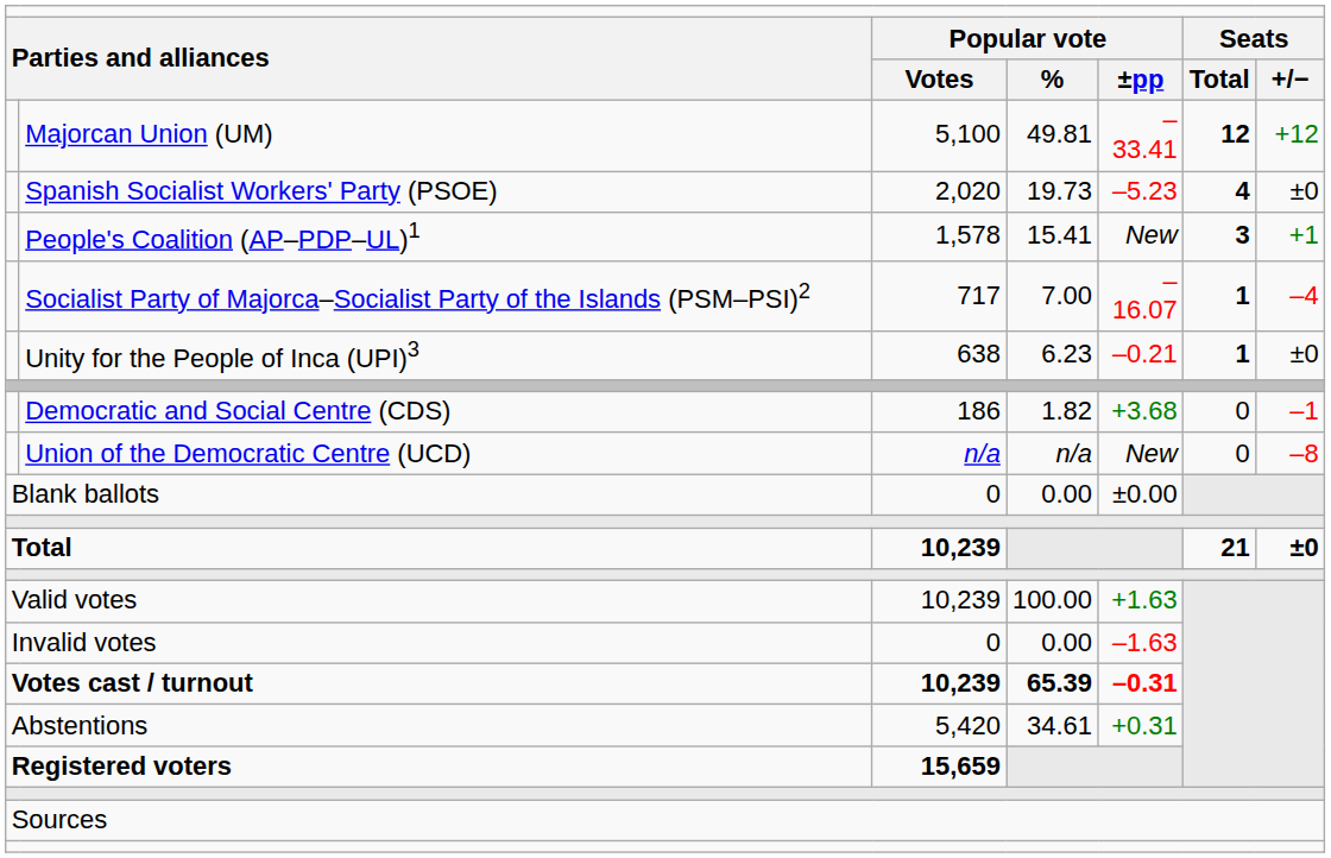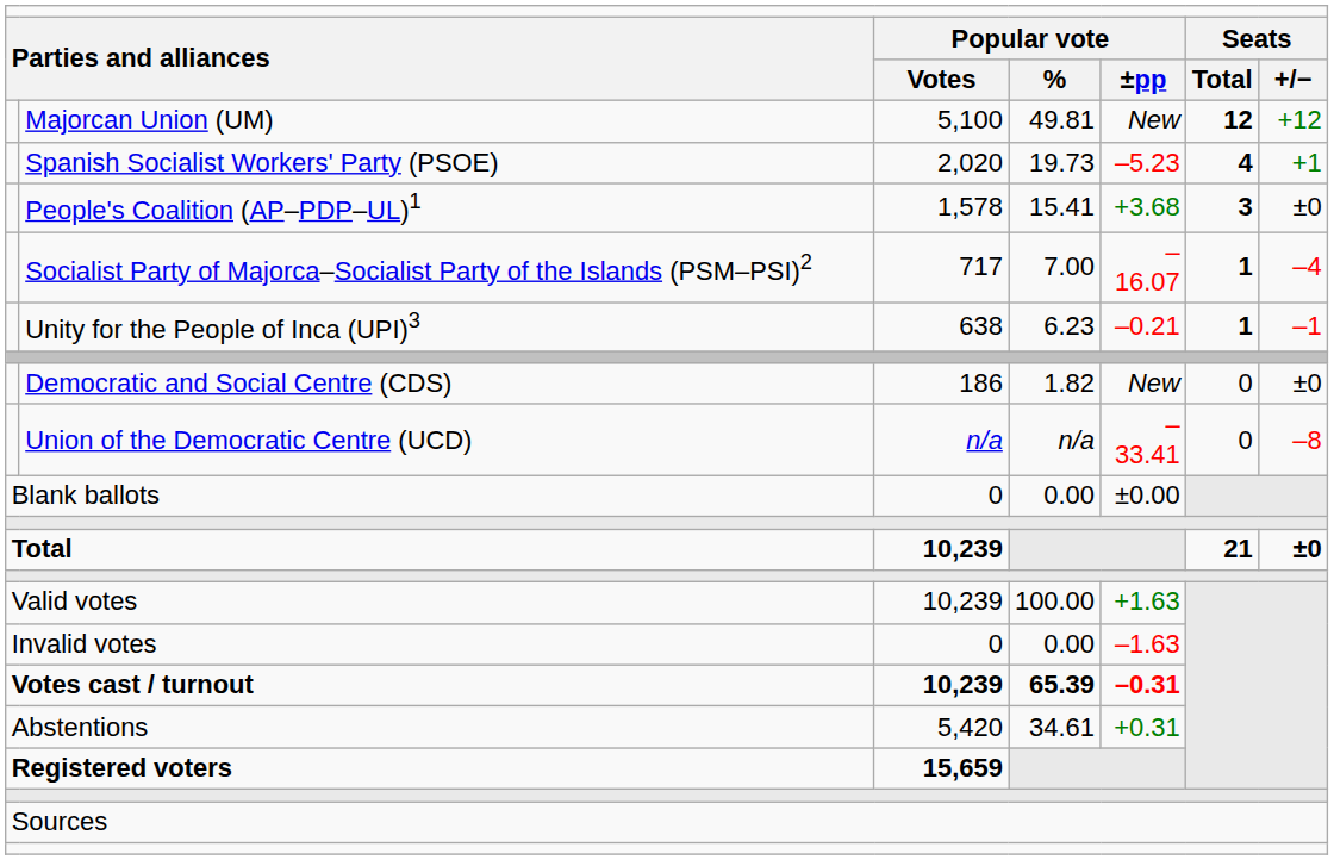 <table class="wikitable" style="text-align:right;">
 <tr>
 <td colspan="7"></td>
 </tr>
 <tr>
 <th style="text-align:left;" rowspan="2" colspan="2" width="525">Parties and alliances</th>
 <th colspan="3">Popular vote</th>
 <th colspan="2">Seats</th>
 </tr>
 <tr>
 <th width="75">Votes</th>
 <th width="45">%</th>
 <th width="45">±<a href='#'>pp</a></th>
 <th width="35">Total</th>
 <th width="35">+/−</th>
 </tr>
 <tr>
 <td width="1" style="color:inherit;background:"></td>
 <td align="left"><a href='#'>Majorcan Union</a> (UM)</td>
 <td>5,100</td>
 <td>49.81</td>
-<td style="color:red;">–33.41</td>
+<td><em>New</em></td>
 <td><strong>12</strong></td>
 <td style="color:green;">+12</td>
 </tr>
 <tr>
 <td style="color:inherit;background:"></td>
 <td align="left"><a href='#'>Spanish Socialist Workers' Party</a> (PSOE)</td>
 <td>2,020</td>
 <td>19.73</td>
 <td style="color:red;">–5.23</td>
 <td><strong>4</strong></td>
-<td>±0</td>
+<td style="color:green;">+1</td>
 </tr>
 <tr>
 <td style="color:inherit;background:"></td>
 <td align="left"><a href='#'>People's Coalition</a> (<a href='#'>AP</a>–<a href='#'>PDP</a>–<a href='#'>UL</a>)<sup>1</sup></td>
 <td>1,578</td>
 <td>15.41</td>
-<td><em>New</em></td>
+<td style="color:green;">+3.68</td>
 <td><strong>3</strong></td>
-<td style="color:green;">+1</td>
+<td>±0</td>
 </tr>
 <tr>
 <td style="color:inherit;background:"></td>
 <td align="left"><a href='#'>Socialist Party of Majorca</a>–<a href='#'>Socialist Party of the Islands</a> (PSM–PSI)<sup>2</sup></td>
 <td>717</td>
 <td>7.00</td>
 <td style="color:red;">–16.07</td>
 <td><strong>1</strong></td>
 <td style="color:red;">–4</td>
 </tr>
 <tr>
 <td style="color:inherit;background:"></td>
 <td align="left">Unity for the People of Inca (UPI)<sup>3</sup></td>
 <td>638</td>
 <td>6.23</td>
 <td style="color:red;">–0.21</td>
 <td><strong>1</strong></td>
-<td>±0</td>
+<td style="color:red;">–1</td>
 </tr>
 <tr>
 <td colspan="7" bgcolor="#C0C0C0"></td>
 </tr>
 <tr>
 <td style="color:inherit;background:"></td>
 <td align="left"><a href='#'>Democratic and Social Centre</a> (CDS)</td>
 <td>186</td>
 <td>1.82</td>
-<td style="color:green;">+3.68</td>
+<td><em>New</em></td>
 <td>0</td>
-<td style="color:red;">–1</td>
+<td>±0</td>
 </tr>
 <tr>
 <td style="color:inherit;background:"></td>
 <td align="left"><a href='#'>Union of the Democratic Centre</a> (UCD)</td>
 <td><em><a href='#'>n/a</a></em></td>
 <td><em>n/a</em></td>
-<td><em>New</em></td>
+<td style="color:red;">–33.41</td>
 <td>0</td>
 <td style="color:red;">–8</td>
 </tr>
 <tr>
 <td align="left" colspan="2">Blank ballots</td>
 <td>0</td>
 <td>0.00</td>
 <td>±0.00</td>
 <td bgcolor="#E9E9E9" colspan="2"></td>
 </tr>
 <tr>
 <td colspan="7" bgcolor="#E9E9E9"></td>
 </tr>
 <tr style="font-weight:bold;">
 <td align="left" colspan="2">Total</td>
 <td>10,239</td>
 <td bgcolor="#E9E9E9" colspan="2"></td>
 <td>21</td>
 <td>±0</td>
 </tr>
 <tr>
 <td colspan="7" bgcolor="#E9E9E9"></td>
 </tr>
 <tr>
 <td align="left" colspan="2">Valid votes</td>
 <td>10,239</td>
 <td>100.00</td>
 <td style="color:green;">+1.63</td>
 <td bgcolor="#E9E9E9" colspan="2" rowspan="5"></td>
 </tr>
 <tr>
 <td align="left" colspan="2">Invalid votes</td>
 <td>0</td>
 <td>0.00</td>
 <td style="color:red;">–1.63</td>
 </tr>
 <tr style="font-weight:bold;">
 <td align="left" colspan="2">Votes cast / turnout</td>
 <td>10,239</td>
 <td>65.39</td>
 <td style="color:red;">–0.31</td>
 </tr>
 <tr>
 <td align="left" colspan="2">Abstentions</td>
 <td>5,420</td>
 <td>34.61</td>
 <td style="color:green;">+0.31</td>
 </tr>
 <tr style="font-weight:bold;">
 <td align="left" colspan="2">Registered voters</td>
 <td>15,659</td>
 <td bgcolor="#E9E9E9" colspan="2"></td>
 </tr>
 <tr>
 <td colspan="7" bgcolor="#E9E9E9"></td>
 </tr>
 <tr>
 <td align="left" colspan="7">Sources</td>
 </tr>
 <tr>
 <td colspan="7" style="text-align:left; max-width:790px;"></td>
 </tr>
 </table>
